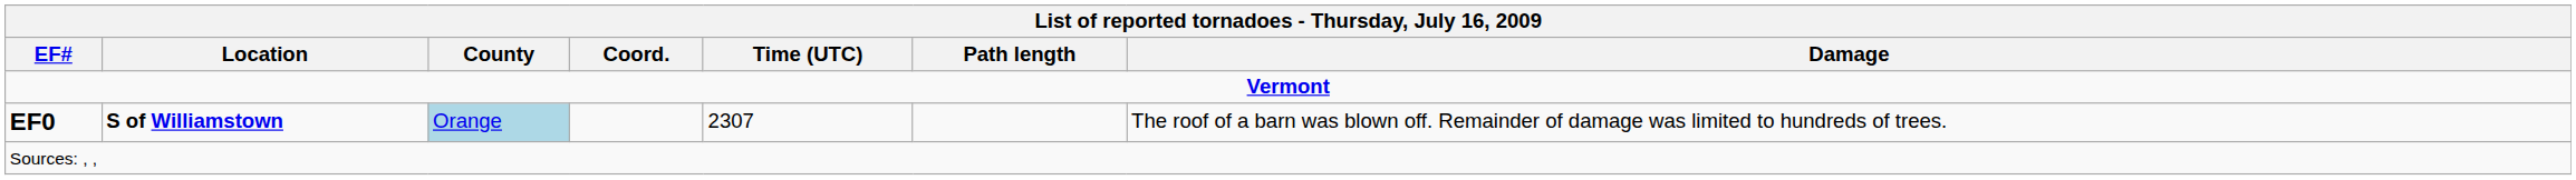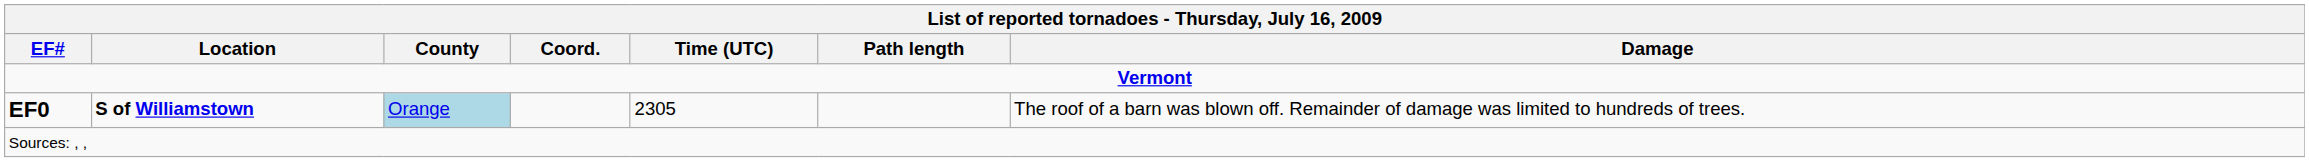 <table class="wikitable collapsible" style="width:100%;">
 <tr>
 <th colspan="7">List of reported tornadoes - Thursday, July 16, 2009</th>
 </tr>
 <tr>
 <th><a href='#'>EF#</a></th>
 <th>Location</th>
 <th>County</th>
 <th>Coord.</th>
 <th>Time (UTC)</th>
 <th>Path length</th>
 <th>Damage</th>
 </tr>
 <tr>
 <td colspan="7" style="text-align:center;"><strong><a href='#'>Vermont</a></strong></td>
 </tr>
 <tr>
 <td><big><strong>EF0</strong></big></td>
 <td><strong>S of <a href='#'>Williamstown</a></strong></td>
 <td style="background: lightblue;"><a href='#'>Orange</a></td>
 <td></td>
-<td>2307</td>
+<td>2305</td>
 <td></td>
 <td>The roof of a barn was blown off. Remainder of damage was limited to hundreds of trees.</td>
 </tr>
 <tr>
 <td colspan="7"><small>Sources: , , </small></td>
 </tr>
 </table>
